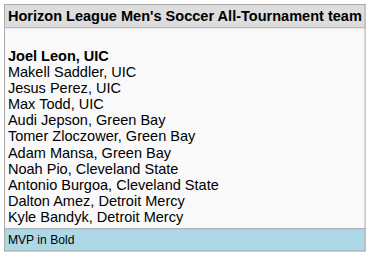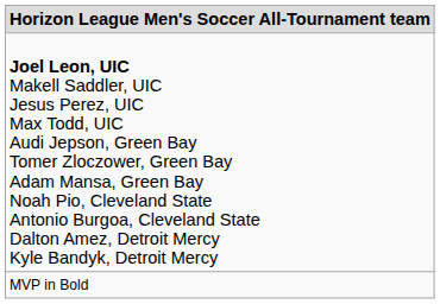 <table class="wikitable" style="white-space:nowrap; font-size:90%;">
 <tr>
 <td colspan="7" style="text-align:center; background:#ddd;"><strong>Horizon League Men's Soccer All-Tournament team</strong></td>
 </tr>
 <tr>
 <td><br><strong>Joel Leon, UIC</strong><br> Makell Saddler, UIC<br> Jesus Perez, UIC<br> Max Todd, UIC<br> Audi Jepson, Green Bay<br> Tomer Zloczower, Green Bay<br> Adam Mansa, Green Bay<br> Noah Pio, Cleveland State<br> Antonio Burgoa, Cleveland State<br> Dalton Amez, Detroit Mercy<br> Kyle Bandyk, Detroit Mercy <br></td>
 </tr>
 <tr>
-<td style="background: lightblue;"><small>MVP in Bold</small></td>
+<td><small>MVP in Bold</small></td>
 </tr>
 </table>
